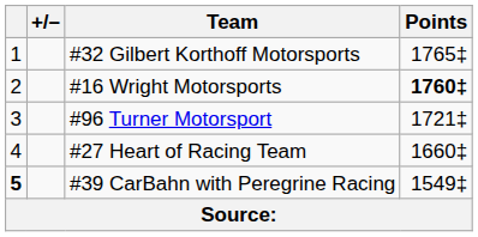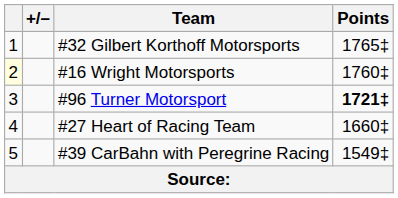 <table class="wikitable" style="font-size: 95%;">
 <tr>
 <th scope="col"></th>
 <th scope="col">+/–</th>
 <th scope="col">Team</th>
 <th scope="col">Points</th>
 </tr>
 <tr>
 <td align=center>1</td>
 <td align="left"></td>
 <td> #32 Gilbert Korthoff Motorsports</td>
 <td align=right>1765‡</td>
 </tr>
 <tr>
-<td align=center>2</td>
+<td align=center style="background: lightyellow;">2</td>
 <td align="left"></td>
 <td> #16 Wright Motorsports</td>
-<td align=right><strong>1760‡</strong></td>
+<td align=right>1760‡</td>
 </tr>
 <tr>
 <td align=center>3</td>
 <td align="left"></td>
 <td> #96 <a href='#'>Turner Motorsport</a></td>
-<td align=right>1721‡</td>
+<td align=right><strong>1721‡</strong></td>
 </tr>
 <tr>
 <td align=center>4</td>
 <td align="left"></td>
 <td> #27 Heart of Racing Team</td>
 <td align=right>1660‡</td>
 </tr>
 <tr>
-<td align=center><strong>5</strong></td>
+<td align=center>5</td>
 <td align="left"></td>
 <td> #39 CarBahn with Peregrine Racing</td>
 <td align=right>1549‡</td>
 </tr>
 <tr>
 <th colspan=5>Source:</th>
 </tr>
 </table>
